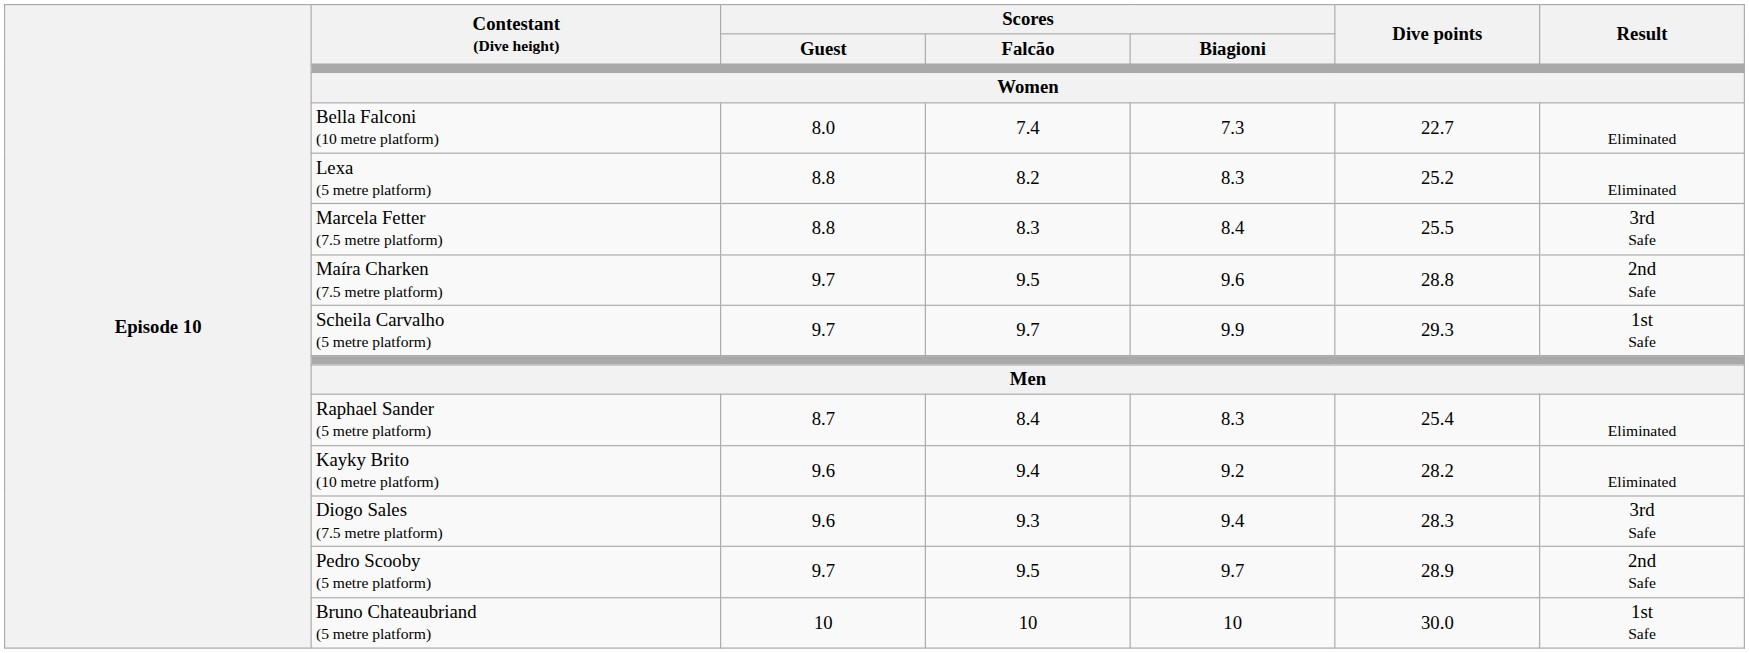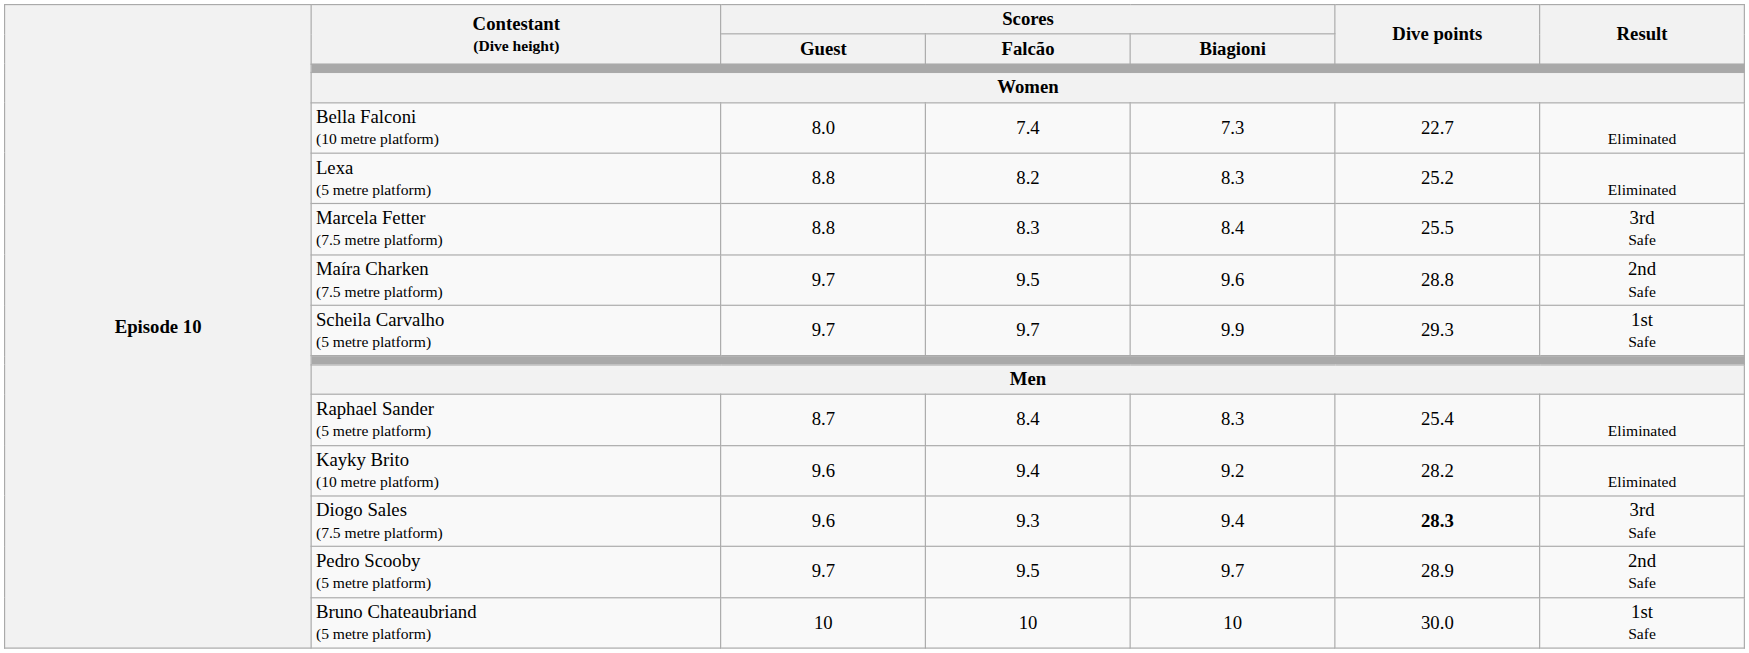 <table class="wikitable" style="text-align:center; width:75%;">
 <tr>
 <th rowspan=16 style="width:15%;">Episode 10<br><small></small></th>
 <th rowspan=02 style="width:20%;">Contestant<br><small>(Dive height)</small></th>
 <th colspan=03 style="width:30%;">Scores</th>
 <th rowspan=02 style="width:10%;">Dive points</th>
 <th rowspan=02 style="width:10%;">Result</th>
 </tr>
 <tr>
 <th style="width:10%;">Guest</th>
 <th style="width:10%;">Falcão</th>
 <th style="width:10%;">Biagioni</th>
 </tr>
 <tr>
 <td colspan=6 bgcolor="#A9A9A9"></td>
 </tr>
 <tr>
 <th colspan=6>Women</th>
 </tr>
 <tr>
 <td align="left">Bella Falconi<br><small>(10 metre platform)</small></td>
 <td>8.0</td>
 <td>7.4</td>
 <td>7.3</td>
 <td>22.7</td>
 <td><br><small>Eliminated</small></td>
 </tr>
 <tr>
 <td align="left">Lexa<br><small>(5 metre platform)</small></td>
 <td>8.8</td>
 <td>8.2</td>
 <td>8.3</td>
 <td>25.2</td>
 <td><br><small>Eliminated</small></td>
 </tr>
 <tr>
 <td align="left">Marcela Fetter<br><small>(7.5 metre platform)</small></td>
 <td>8.8</td>
 <td>8.3</td>
 <td>8.4</td>
 <td>25.5</td>
 <td>3rd<br><small>Safe</small></td>
 </tr>
 <tr>
 <td align="left">Maíra Charken<br><small>(7.5 metre platform)</small></td>
 <td>9.7</td>
 <td>9.5</td>
 <td>9.6</td>
 <td>28.8</td>
 <td>2nd<br><small>Safe</small></td>
 </tr>
 <tr>
 <td align="left">Scheila Carvalho<br><small>(5 metre platform)</small></td>
 <td>9.7</td>
 <td>9.7</td>
 <td>9.9</td>
 <td>29.3</td>
 <td>1st<br><small>Safe</small></td>
 </tr>
 <tr>
 <td colspan=6 bgcolor="#A9A9A9"></td>
 </tr>
 <tr>
 <th colspan=6>Men</th>
 </tr>
 <tr>
 <td align="left">Raphael Sander<br><small>(5 metre platform)</small></td>
 <td>8.7</td>
 <td>8.4</td>
 <td>8.3</td>
 <td>25.4</td>
 <td><br><small>Eliminated</small></td>
 </tr>
 <tr>
 <td align="left">Kayky Brito<br><small>(10 metre platform)</small></td>
 <td>9.6</td>
 <td>9.4</td>
 <td>9.2</td>
 <td>28.2</td>
 <td><br><small>Eliminated</small></td>
 </tr>
 <tr>
 <td align="left">Diogo Sales<br><small>(7.5 metre platform)</small></td>
 <td>9.6</td>
 <td>9.3</td>
 <td>9.4</td>
-<td>28.3</td>
+<td><strong>28.3</strong></td>
 <td>3rd<br><small>Safe</small></td>
 </tr>
 <tr>
 <td align="left">Pedro Scooby<br><small>(5 metre platform)</small></td>
 <td>9.7</td>
 <td>9.5</td>
 <td>9.7</td>
 <td>28.9</td>
 <td>2nd<br><small>Safe</small></td>
 </tr>
 <tr>
 <td align="left">Bruno Chateaubriand<br><small>(5 metre platform)</small></td>
 <td>10</td>
 <td>10</td>
 <td>10</td>
 <td>30.0</td>
 <td>1st<br><small>Safe</small></td>
 </tr>
 </table>
